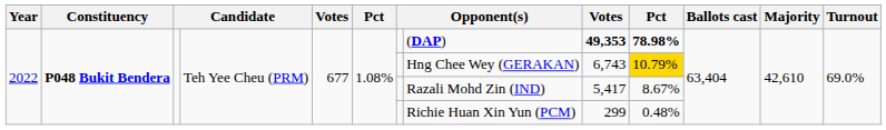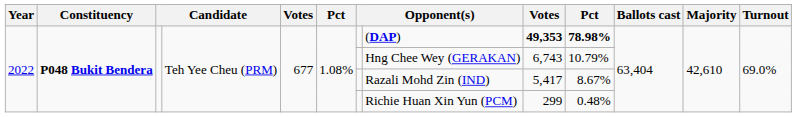 <table class="wikitable" style="margin:0.5em ; font-size:95%">
 <tr>
 <th>Year</th>
 <th>Constituency</th>
 <th colspan=2>Candidate</th>
 <th>Votes</th>
 <th>Pct</th>
 <th colspan=2>Opponent(s)</th>
 <th>Votes</th>
 <th>Pct</th>
 <th>Ballots cast</th>
 <th>Majority</th>
 <th>Turnout</th>
 </tr>
 <tr>
 <td rowspan=5><a href='#'>2022</a></td>
 <td rowspan=5><strong>P048 <a href='#'>Bukit Bendera</a></strong></td>
 <td rowspan=5 bgcolor=></td>
 <td rowspan=5>Teh Yee Cheu (<a href='#'>PRM</a>)</td>
 <td rowspan=5 align=right>677</td>
 <td rowspan=5 align=right>1.08%</td>
 <td></td>
 <td> (<a href='#'><strong>DAP</strong></a>)</td>
 <td align=right><strong>49,353</strong></td>
 <td><strong>78.98%</strong></td>
 <td rowspan=5>63,404</td>
 <td rowspan=5>42,610</td>
 <td rowspan=5>69.0%</td>
 </tr>
 <tr>
 <td bgcolor=></td>
 <td>Hng Chee Wey (<a href='#'>GERAKAN</a>)</td>
 <td align=right>6,743</td>
-<td style="background: gold;">10.79%</td>
+<td>10.79%</td>
 </tr>
 <tr>
 <td style="background-color: "></td>
 <td>Razali Mohd Zin (<a href='#'>IND</a>)</td>
 <td align=right>5,417</td>
 <td align=right>8.67%</td>
 </tr>
 <tr>
 <td></td>
 <td>Richie Huan Xin Yun (<a href='#'>PCM</a>)</td>
 <td align=right>299</td>
 <td align=right>0.48%</td>
 </tr>
 </table>
